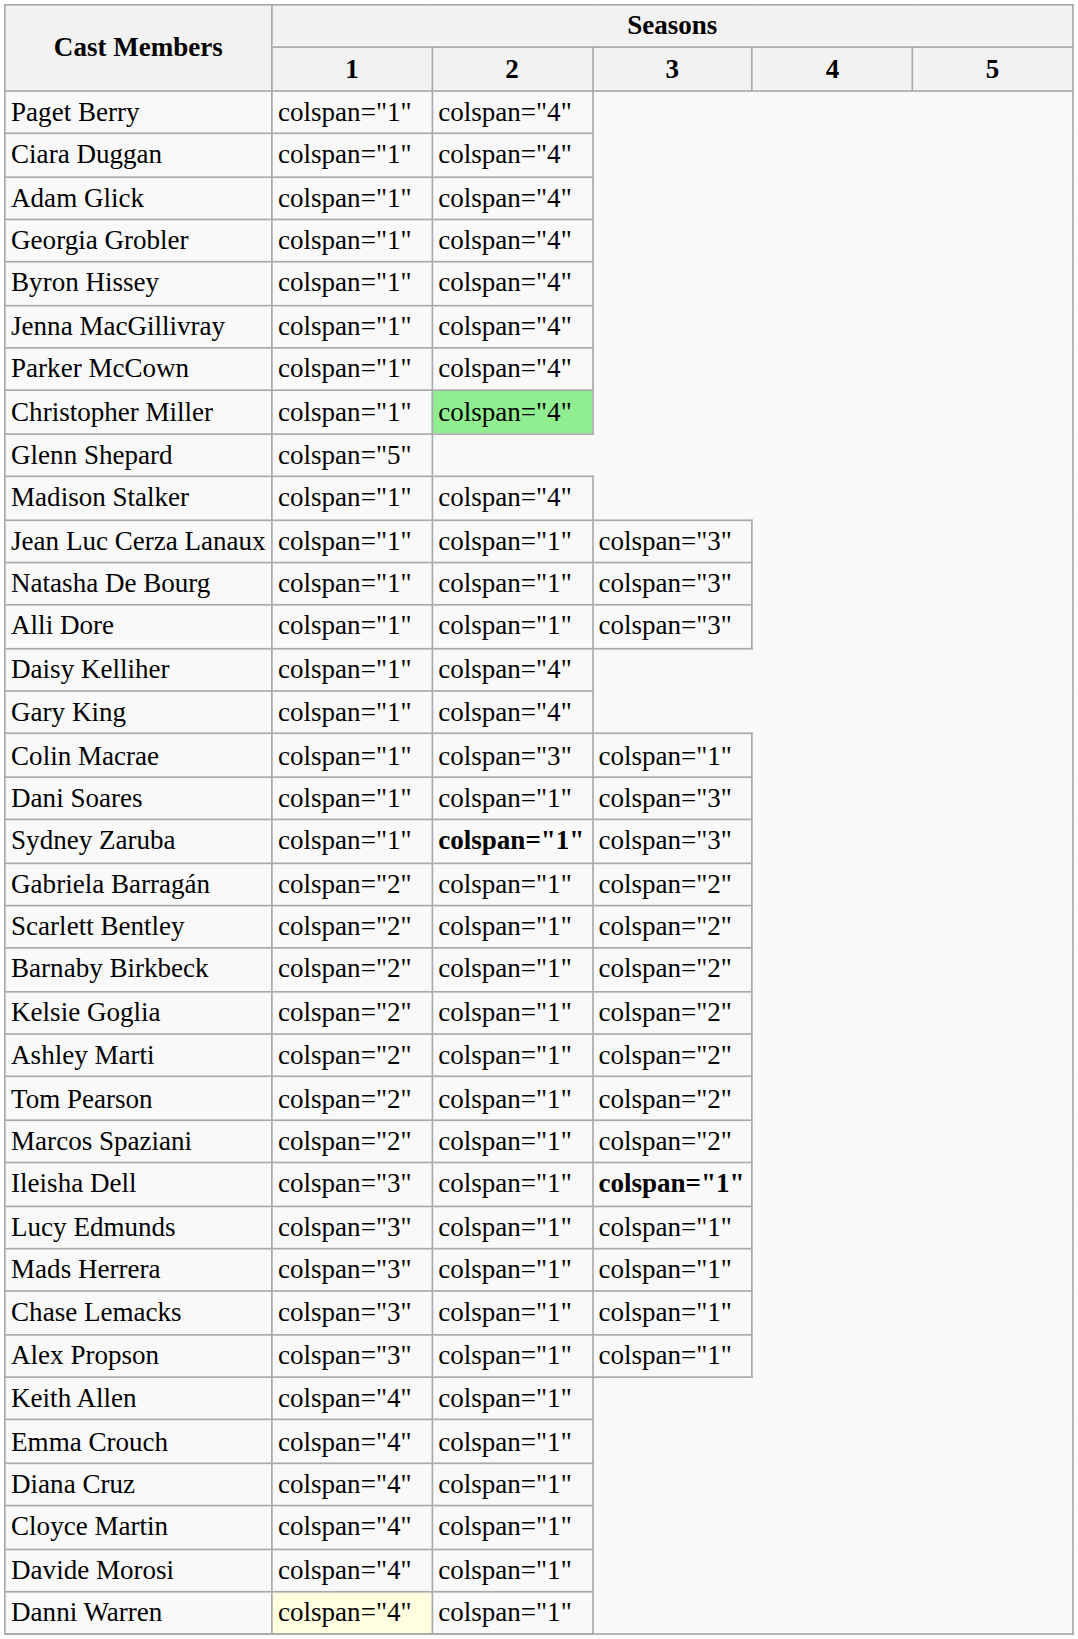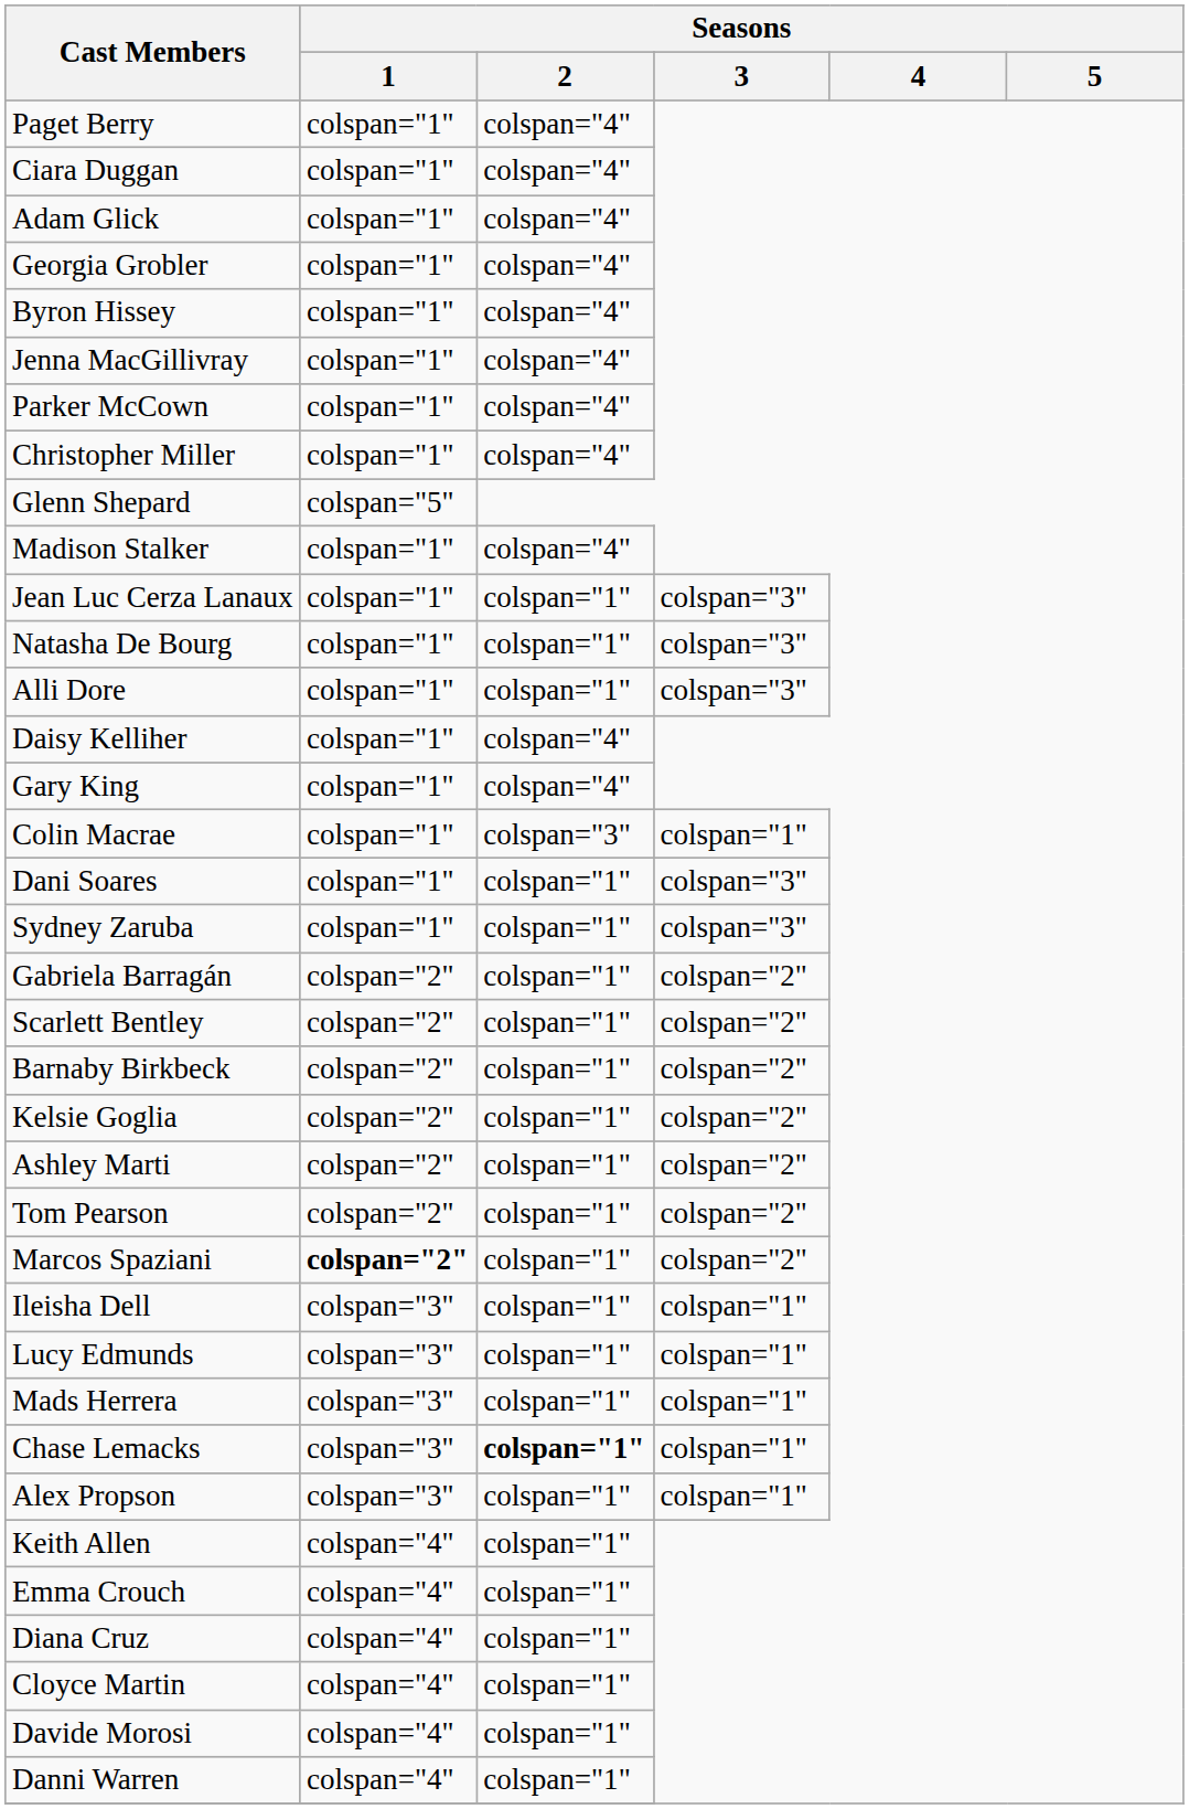 <table class="wikitable plainrowheaders" style="font-size:85% width:84%;">
 <tr>
 <th scope="col" rowspan="2">Cast Members</th>
 <th colspan="5">Seasons</th>
 </tr>
 <tr>
 <th style="width:15%;">1</th>
 <th style="width:15%;">2</th>
 <th style="width:15%;">3</th>
 <th style="width:15%;">4</th>
 <th style="width:15%;">5</th>
 </tr>
 <tr>
 <td>Paget Berry</td>
 <td>colspan="1" </td>
 <td>colspan="4" </td>
 </tr>
 <tr>
 <td>Ciara Duggan</td>
 <td>colspan="1" </td>
 <td>colspan="4" </td>
 </tr>
 <tr>
 <td>Adam Glick</td>
 <td>colspan="1" </td>
 <td>colspan="4" </td>
 </tr>
 <tr>
 <td>Georgia Grobler</td>
 <td>colspan="1" </td>
 <td>colspan="4" </td>
 </tr>
 <tr>
 <td>Byron Hissey</td>
 <td>colspan="1" </td>
 <td>colspan="4" </td>
 </tr>
 <tr>
 <td>Jenna MacGillivray</td>
 <td>colspan="1" </td>
 <td>colspan="4" </td>
 </tr>
 <tr>
 <td>Parker McCown</td>
 <td>colspan="1" </td>
 <td>colspan="4" </td>
 </tr>
 <tr>
 <td>Christopher Miller</td>
 <td>colspan="1" </td>
-<td style="background: lightgreen;">colspan="4" </td>
+<td>colspan="4" </td>
 </tr>
 <tr>
 <td>Glenn Shepard</td>
 <td>colspan="5" </td>
 </tr>
 <tr>
 <td>Madison Stalker</td>
 <td>colspan="1" </td>
 <td>colspan="4" </td>
 </tr>
 <tr>
 <td>Jean Luc Cerza Lanaux</td>
 <td>colspan="1" </td>
 <td>colspan="1" </td>
 <td>colspan="3" </td>
 </tr>
 <tr>
 <td>Natasha De Bourg</td>
 <td>colspan="1" </td>
 <td>colspan="1" </td>
 <td>colspan="3" </td>
 </tr>
 <tr>
 <td>Alli Dore</td>
 <td>colspan="1" </td>
 <td>colspan="1" </td>
 <td>colspan="3" </td>
 </tr>
 <tr>
 <td>Daisy Kelliher</td>
 <td>colspan="1" </td>
 <td>colspan="4" </td>
 </tr>
 <tr>
 <td>Gary King</td>
 <td>colspan="1" </td>
 <td>colspan="4" </td>
 </tr>
 <tr>
 <td>Colin Macrae</td>
 <td>colspan="1" </td>
 <td>colspan="3" </td>
 <td>colspan="1" </td>
 </tr>
 <tr>
 <td>Dani Soares</td>
 <td>colspan="1" </td>
 <td>colspan="1" </td>
 <td>colspan="3" </td>
 </tr>
 <tr>
 <td>Sydney Zaruba</td>
 <td>colspan="1" </td>
-<td><strong>colspan="1" </strong></td>
+<td>colspan="1" </td>
 <td>colspan="3" </td>
 </tr>
 <tr>
 <td>Gabriela Barragán</td>
 <td>colspan="2" </td>
 <td>colspan="1" </td>
 <td>colspan="2" </td>
 </tr>
 <tr>
 <td>Scarlett Bentley</td>
 <td>colspan="2" </td>
 <td>colspan="1" </td>
 <td>colspan="2" </td>
 </tr>
 <tr>
 <td>Barnaby Birkbeck</td>
 <td>colspan="2" </td>
 <td>colspan="1" </td>
 <td>colspan="2" </td>
 </tr>
 <tr>
 <td>Kelsie Goglia</td>
 <td>colspan="2" </td>
 <td>colspan="1" </td>
 <td>colspan="2" </td>
 </tr>
 <tr>
 <td>Ashley Marti</td>
 <td>colspan="2" </td>
 <td>colspan="1" </td>
 <td>colspan="2" </td>
 </tr>
 <tr>
 <td>Tom Pearson</td>
 <td>colspan="2" </td>
 <td>colspan="1" </td>
 <td>colspan="2" </td>
 </tr>
 <tr>
 <td>Marcos Spaziani</td>
-<td>colspan="2" </td>
+<td><strong>colspan="2" </strong></td>
 <td>colspan="1" </td>
 <td>colspan="2" </td>
 </tr>
 <tr>
 <td>Ileisha Dell</td>
 <td>colspan="3" </td>
 <td>colspan="1" </td>
-<td><strong>colspan="1" </strong></td>
+<td>colspan="1" </td>
 </tr>
 <tr>
 <td>Lucy Edmunds</td>
 <td>colspan="3" </td>
 <td>colspan="1" </td>
 <td>colspan="1" </td>
 </tr>
 <tr>
 <td>Mads Herrera</td>
 <td>colspan="3" </td>
 <td>colspan="1" </td>
 <td>colspan="1" </td>
 </tr>
 <tr>
 <td>Chase Lemacks</td>
 <td>colspan="3" </td>
-<td>colspan="1" </td>
+<td><strong>colspan="1" </strong></td>
 <td>colspan="1" </td>
 </tr>
 <tr>
 <td>Alex Propson</td>
 <td>colspan="3" </td>
 <td>colspan="1" </td>
 <td>colspan="1" </td>
 </tr>
 <tr>
 <td>Keith Allen</td>
 <td>colspan="4" </td>
 <td>colspan="1" </td>
 </tr>
 <tr>
 <td>Emma Crouch</td>
 <td>colspan="4" </td>
 <td>colspan="1" </td>
 </tr>
 <tr>
 <td>Diana Cruz</td>
 <td>colspan="4" </td>
 <td>colspan="1" </td>
 </tr>
 <tr>
 <td>Cloyce Martin</td>
 <td>colspan="4" </td>
 <td>colspan="1" </td>
 </tr>
 <tr>
 <td>Davide Morosi</td>
 <td>colspan="4" </td>
 <td>colspan="1" </td>
 </tr>
 <tr>
 <td>Danni Warren</td>
-<td style="background: lightyellow;">colspan="4" </td>
+<td>colspan="4" </td>
 <td>colspan="1" </td>
 </tr>
 <tr>
 </tr>
 </table>
